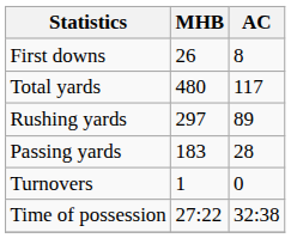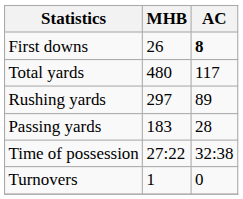 <table class="wikitable" style="float: left;">
 <tr>
 <th>Statistics</th>
 <th>MHB</th>
 <th>AC</th>
 </tr>
 <tr>
 <td>First downs</td>
 <td>26</td>
-<td>8</td>
+<td><strong>8</strong></td>
 </tr>
 <tr>
 <td>Total yards</td>
 <td>480</td>
 <td>117</td>
 </tr>
 <tr>
 <td>Rushing yards</td>
 <td>297</td>
 <td>89</td>
 </tr>
 <tr>
 <td>Passing yards</td>
 <td>183</td>
 <td>28</td>
 </tr>
 <tr>
+<td>Time of possession</td>
+<td>27:22</td>
+<td>32:38</td>
+</tr>
+<tr>
 <td>Turnovers</td>
 <td>1</td>
 <td>0</td>
 </tr>
 <tr>
-<td>Time of possession</td>
-<td>27:22</td>
-<td>32:38</td>
-</tr>
-<tr>
 </tr>
 </table>
